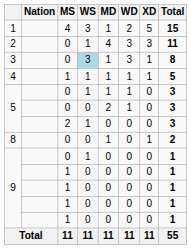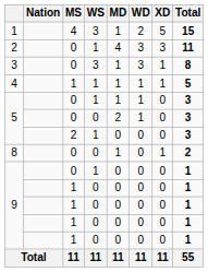 <table class="wikitable" style="text-align:center">
 <tr>
 <th width="20"></th>
 <th>Nation</th>
 <th width="20">MS</th>
 <th width="20">WS</th>
 <th width="20">MD</th>
 <th width="20">WD</th>
 <th width="20">XD</th>
 <th>Total</th>
 </tr>
 <tr>
 <td>1</td>
 <td align=left><strong></strong></td>
 <td>4</td>
 <td>3</td>
 <td>1</td>
 <td>2</td>
 <td>5</td>
 <td><strong>15</strong></td>
 </tr>
 <tr>
 <td>2</td>
 <td align=left></td>
 <td>0</td>
 <td>1</td>
 <td>4</td>
 <td>3</td>
 <td>3</td>
 <td><strong>11</strong></td>
 </tr>
 <tr>
 <td>3</td>
 <td align=left></td>
 <td>0</td>
-<td style="background: lightblue;">3</td>
+<td>3</td>
 <td>1</td>
 <td>3</td>
 <td>1</td>
 <td><strong>8</strong></td>
 </tr>
 <tr>
 <td>4</td>
 <td align=left></td>
 <td>1</td>
 <td>1</td>
 <td>1</td>
 <td>1</td>
 <td>1</td>
 <td><strong>5</strong></td>
 </tr>
 <tr>
 <td rowspan=3>5</td>
 <td align=left></td>
 <td>0</td>
 <td>1</td>
 <td>1</td>
 <td>1</td>
 <td>0</td>
 <td><strong>3</strong></td>
 </tr>
 <tr>
 <td align=left></td>
 <td>0</td>
 <td>0</td>
 <td>2</td>
 <td>1</td>
 <td>0</td>
 <td><strong>3</strong></td>
 </tr>
 <tr>
 <td align=left></td>
 <td>2</td>
 <td>1</td>
 <td>0</td>
 <td>0</td>
 <td>0</td>
 <td><strong>3</strong></td>
 </tr>
 <tr>
 <td>8</td>
 <td align=left></td>
 <td>0</td>
 <td>0</td>
 <td>1</td>
 <td>0</td>
 <td>1</td>
 <td><strong>2</strong></td>
 </tr>
 <tr>
 <td rowspan=5>9</td>
 <td align=left></td>
 <td>0</td>
 <td>1</td>
 <td>0</td>
 <td>0</td>
 <td>0</td>
 <td><strong>1</strong></td>
 </tr>
 <tr>
 <td align=left></td>
 <td>1</td>
 <td>0</td>
 <td>0</td>
 <td>0</td>
 <td>0</td>
 <td><strong>1</strong></td>
 </tr>
 <tr>
 <td align=left></td>
 <td>1</td>
 <td>0</td>
 <td>0</td>
 <td>0</td>
 <td>0</td>
 <td><strong>1</strong></td>
 </tr>
 <tr>
 <td align=left></td>
 <td>1</td>
 <td>0</td>
 <td>0</td>
 <td>0</td>
 <td>0</td>
 <td><strong>1</strong></td>
 </tr>
 <tr>
 <td align=left></td>
 <td>1</td>
 <td>0</td>
 <td>0</td>
 <td>0</td>
 <td>0</td>
 <td><strong>1</strong></td>
 </tr>
 <tr>
 <th colspan="2" align=left>Total</th>
 <th><strong>11</strong></th>
 <th><strong>11</strong></th>
 <th><strong>11</strong></th>
 <th><strong>11</strong></th>
 <th><strong>11</strong></th>
 <th><strong>55</strong></th>
 </tr>
 </table>
